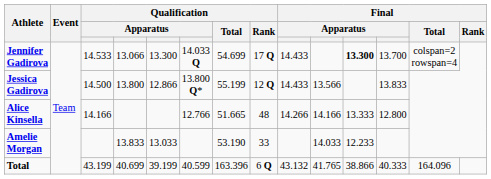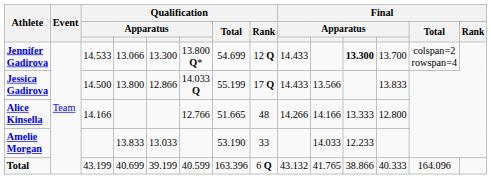 <table class=wikitable style=font-size:90%;text-align:center>
 <tr>
 <th rowspan=3>Athlete</th>
 <th rowspan=3>Event</th>
 <th colspan=6>Qualification</th>
 <th colspan=6>Final</th>
 </tr>
 <tr style=font-size:95%>
 <th colspan=4>Apparatus</th>
 <th rowspan=2>Total</th>
 <th rowspan=2>Rank</th>
 <th colspan=4>Apparatus</th>
 <th rowspan=2>Total</th>
 <th rowspan=2>Rank</th>
 </tr>
 <tr style=font-size:95%>
 <th></th>
 <th></th>
 <th></th>
 <th></th>
 <th></th>
 <th></th>
 <th></th>
 <th></th>
 </tr>
 <tr>
 <td align=left><strong><a href='#'>Jennifer Gadirova</a></strong></td>
 <td align=left rowspan=5><a href='#'>Team</a></td>
 <td>14.533</td>
 <td>13.066</td>
 <td>13.300</td>
-<td>14.033 <strong>Q</strong></td>
+<td>13.800 <strong>Q</strong>*</td>
 <td>54.699</td>
-<td>17 <strong>Q</strong></td>
+<td>12 <strong>Q</strong></td>
 <td>14.433</td>
 <td></td>
 <td><strong>13.300</strong></td>
 <td>13.700</td>
 <td>colspan=2 rowspan=4 </td>
 </tr>
 <tr>
 <td align=left><strong><a href='#'>Jessica Gadirova</a></strong></td>
 <td>14.500</td>
 <td>13.800</td>
 <td>12.866</td>
-<td>13.800 <strong>Q</strong>*</td>
+<td>14.033 <strong>Q</strong></td>
 <td>55.199</td>
-<td>12 <strong>Q</strong></td>
+<td>17 <strong>Q</strong></td>
 <td>14.433</td>
 <td>13.566</td>
 <td></td>
 <td>13.833</td>
 </tr>
 <tr>
 <td align=left><strong><a href='#'>Alice Kinsella</a></strong></td>
 <td>14.166</td>
 <td></td>
 <td></td>
 <td>12.766</td>
 <td>51.665</td>
 <td>48</td>
 <td>14.266</td>
 <td>14.166</td>
 <td>13.333</td>
 <td>12.800</td>
 </tr>
 <tr>
 <td align=left><strong><a href='#'>Amelie Morgan</a></strong></td>
 <td></td>
 <td>13.833</td>
 <td>13.033</td>
 <td></td>
 <td>53.190</td>
 <td>33</td>
 <td></td>
 <td>14.033</td>
 <td>12.233</td>
 <td></td>
 </tr>
 <tr>
 <td align=left><strong>Total</strong></td>
 <td>43.199</td>
 <td>40.699</td>
 <td>39.199</td>
 <td>40.599</td>
 <td>163.396</td>
 <td>6 <strong>Q</strong></td>
 <td>43.132</td>
 <td>41.765</td>
 <td>38.866</td>
 <td>40.333</td>
 <td>164.096</td>
 <td></td>
 </tr>
 </table>
